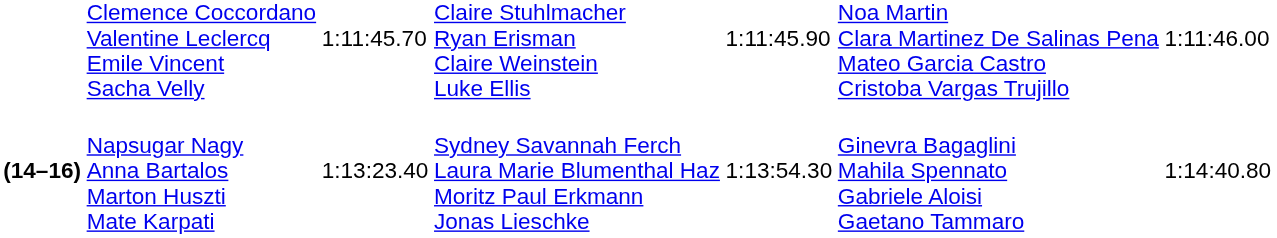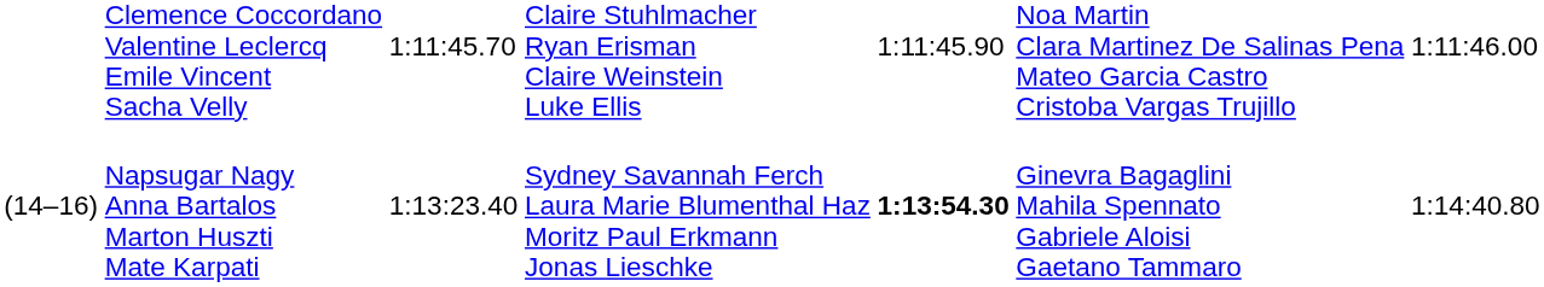 <table>
 <tr>
 <td></td>
 <td><br><a href='#'>Clemence Coccordano</a><br><a href='#'>Valentine Leclercq</a><br><a href='#'>Emile Vincent</a><br><a href='#'>Sacha Velly</a></td>
 <td>1:11:45.70</td>
 <td><br><a href='#'>Claire Stuhlmacher</a><br><a href='#'>Ryan Erisman</a><br><a href='#'>Claire Weinstein</a><br><a href='#'>Luke Ellis</a></td>
 <td>1:11:45.90</td>
 <td><br><a href='#'>Noa Martin</a><br><a href='#'>Clara Martinez De Salinas Pena</a><br><a href='#'>Mateo Garcia Castro</a><br><a href='#'>Cristoba Vargas Trujillo</a></td>
 <td>1:11:46.00</td>
 </tr>
 <tr>
-<td><strong> (14–16)</strong></td>
+<td> (14–16)</td>
 <td><br><a href='#'>Napsugar Nagy</a><br><a href='#'>Anna Bartalos</a><br><a href='#'>Marton Huszti</a><br><a href='#'>Mate Karpati</a></td>
 <td>1:13:23.40</td>
 <td><br><a href='#'>Sydney Savannah Ferch</a><br><a href='#'>Laura Marie Blumenthal Haz</a><br><a href='#'>Moritz Paul Erkmann</a><br><a href='#'>Jonas Lieschke</a></td>
-<td>1:13:54.30</td>
+<td><strong>1:13:54.30</strong></td>
 <td><br><a href='#'>Ginevra Bagaglini</a><br><a href='#'>Mahila Spennato</a><br><a href='#'>Gabriele Aloisi</a><br><a href='#'>Gaetano Tammaro</a></td>
 <td>1:14:40.80</td>
 </tr>
 </table>
